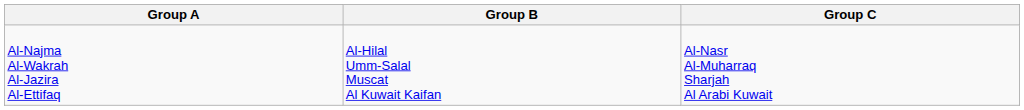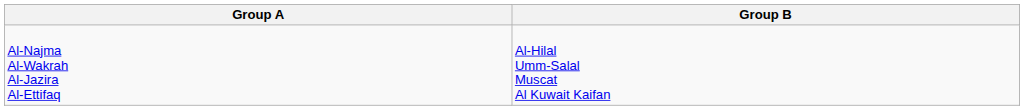 <table class="wikitable" width=98%>
 <tr>
 <th width=20%>Group A</th>
 <th width=20%>Group B</th>
-<th width=20%>Group C</th>
 </tr>
 <tr>
 <td><br> <a href='#'>Al-Najma</a> <br>  <a href='#'>Al-Wakrah</a> <br>  <a href='#'>Al-Jazira</a><br>  <a href='#'>Al-Ettifaq</a><br></td>
 <td><br> <a href='#'>Al-Hilal</a><br>  <a href='#'>Umm-Salal</a> <br>  <a href='#'>Muscat</a> <br>  <a href='#'>Al Kuwait Kaifan</a> <br></td>
-<td><br> <a href='#'>Al-Nasr</a> <br>  <a href='#'>Al-Muharraq</a> <br>  <a href='#'>Sharjah</a> <br>  <a href='#'>Al Arabi Kuwait</a> <br></td>
 </tr>
 </table>
